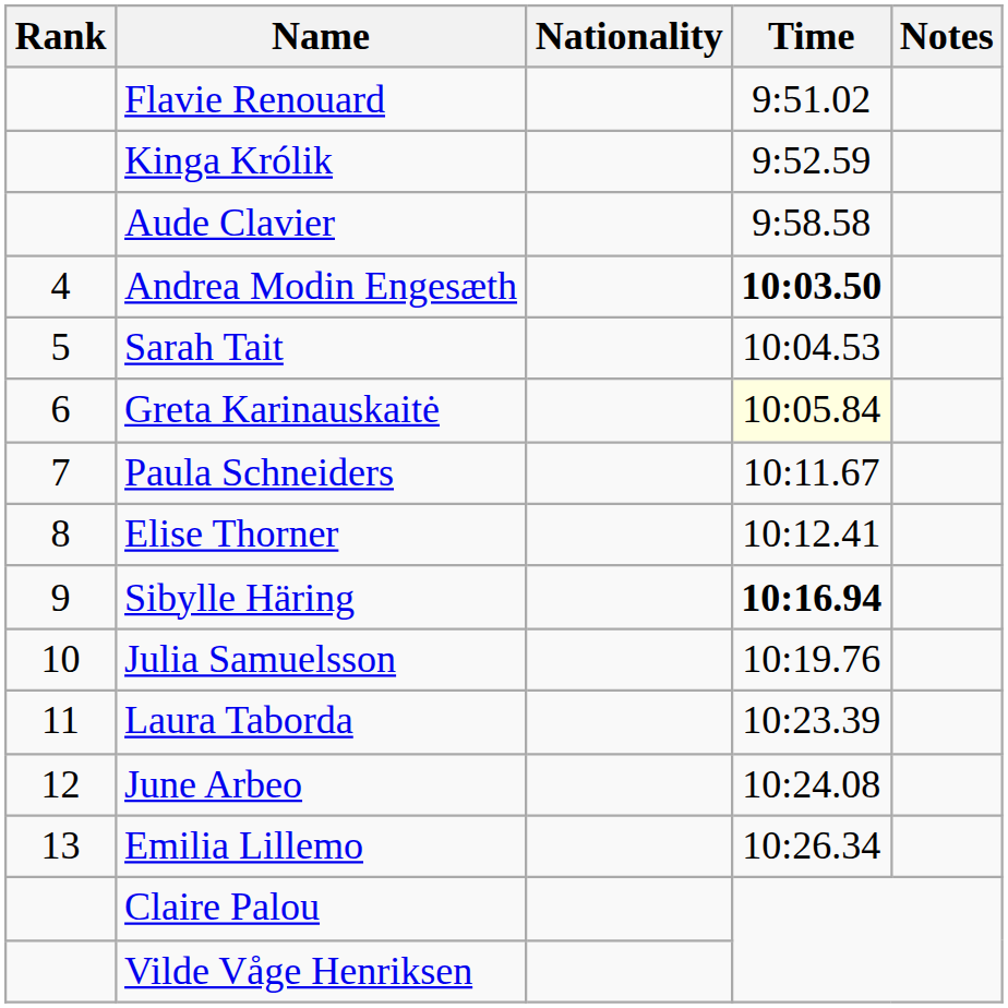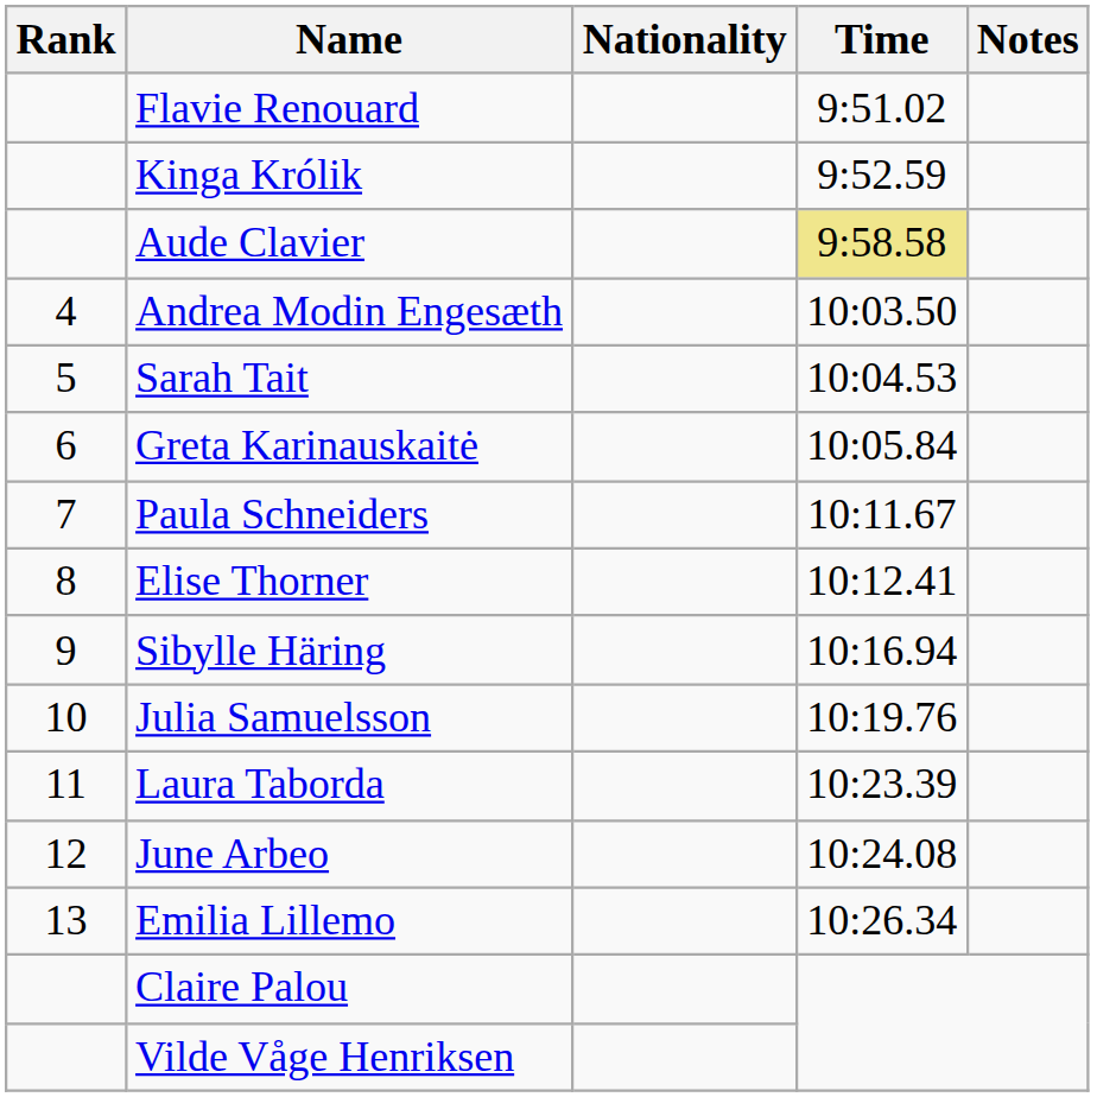 <table class="wikitable sortable" style="text-align:center">
 <tr>
 <th>Rank</th>
 <th>Name</th>
 <th>Nationality</th>
 <th>Time</th>
 <th>Notes</th>
 </tr>
 <tr>
 <td></td>
 <td align=left><a href='#'>Flavie Renouard</a></td>
 <td align=left></td>
 <td>9:51.02</td>
 <td></td>
 </tr>
 <tr>
 <td></td>
 <td align=left><a href='#'>Kinga Królik</a></td>
 <td align=left></td>
 <td>9:52.59</td>
 <td></td>
 </tr>
 <tr>
 <td></td>
 <td align=left><a href='#'>Aude Clavier</a></td>
 <td align=left></td>
-<td>9:58.58</td>
+<td style="background: khaki;">9:58.58</td>
 <td></td>
 </tr>
 <tr>
 <td>4</td>
 <td align=left><a href='#'>Andrea Modin Engesæth</a></td>
 <td align=left></td>
-<td><strong>10:03.50</strong></td>
+<td>10:03.50</td>
 <td></td>
 </tr>
 <tr>
 <td>5</td>
 <td align=left><a href='#'>Sarah Tait</a></td>
 <td align=left></td>
 <td>10:04.53</td>
 <td></td>
 </tr>
 <tr>
 <td>6</td>
 <td align=left><a href='#'>Greta Karinauskaitė</a></td>
 <td align=left></td>
-<td style="background: lightyellow;">10:05.84</td>
+<td>10:05.84</td>
 <td></td>
 </tr>
 <tr>
 <td>7</td>
 <td align=left><a href='#'>Paula Schneiders</a></td>
 <td align=left></td>
 <td>10:11.67</td>
 <td></td>
 </tr>
 <tr>
 <td>8</td>
 <td align=left><a href='#'>Elise Thorner</a></td>
 <td align=left></td>
 <td>10:12.41</td>
 <td></td>
 </tr>
 <tr>
 <td>9</td>
 <td align=left><a href='#'>Sibylle Häring</a></td>
 <td align=left></td>
-<td><strong>10:16.94</strong></td>
+<td>10:16.94</td>
 <td></td>
 </tr>
 <tr>
 <td>10</td>
 <td align=left><a href='#'>Julia Samuelsson</a></td>
 <td align=left></td>
 <td>10:19.76</td>
 <td></td>
 </tr>
 <tr>
 <td>11</td>
 <td align=left><a href='#'>Laura Taborda</a></td>
 <td align=left></td>
 <td>10:23.39</td>
 <td></td>
 </tr>
 <tr>
 <td>12</td>
 <td align=left><a href='#'>June Arbeo</a></td>
 <td align=left></td>
 <td>10:24.08</td>
 <td></td>
 </tr>
 <tr>
 <td>13</td>
 <td align=left><a href='#'>Emilia Lillemo</a></td>
 <td align=left></td>
 <td>10:26.34</td>
 <td></td>
 </tr>
 <tr>
 <td></td>
 <td align=left><a href='#'>Claire Palou</a></td>
 <td align=left></td>
 <td colspan=2 rowspan=2></td>
 </tr>
 <tr>
 <td></td>
 <td align=left><a href='#'>Vilde Våge Henriksen</a></td>
 <td align=left></td>
 </tr>
 </table>
